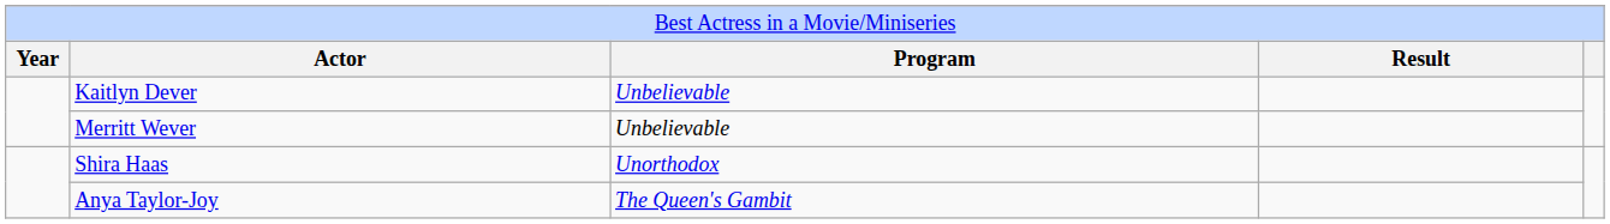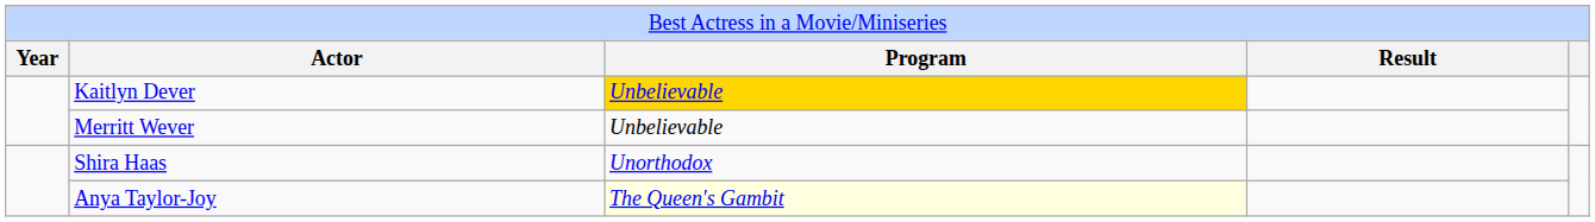 <table class="wikitable plainrowheaders" style="font-size: 90%" width=85%>
 <tr>
 </tr>
 <tr ---- bgcolor="#bfd7ff">
 <td colspan=6 align=center><a href='#'>Best Actress in a Movie/Miniseries</a></td>
 </tr>
 <tr ---- bgcolor="#ebf5ff">
 <th scope="col" style="width:2%;">Year</th>
 <th scope="col" style="width:25%;">Actor</th>
 <th scope="col" style="width:30%;">Program</th>
 <th scope="col" style="width:15%;">Result</th>
 <th scope="col" class="unsortable" style="width:1%;"></th>
 </tr>
 <tr>
 <td rowspan="2"></td>
 <td><a href='#'>Kaitlyn Dever</a></td>
-<td><em><a href='#'>Unbelievable</a></em></td>
+<td style="background: gold;"><em><a href='#'>Unbelievable</a></em></td>
 <td></td>
 <td rowspan="2"></td>
 </tr>
 <tr>
 <td><a href='#'>Merritt Wever</a></td>
 <td><em>Unbelievable</em></td>
 <td></td>
 </tr>
 <tr>
 <td rowspan="2"></td>
 <td><a href='#'>Shira Haas</a></td>
 <td><em><a href='#'>Unorthodox</a></em></td>
 <td></td>
 <td rowspan="2"></td>
 </tr>
 <tr>
 <td><a href='#'>Anya Taylor-Joy</a></td>
-<td><em><a href='#'>The Queen's Gambit</a></em></td>
+<td style="background: lightyellow;"><em><a href='#'>The Queen's Gambit</a></em></td>
 <td></td>
 </tr>
 </table>
